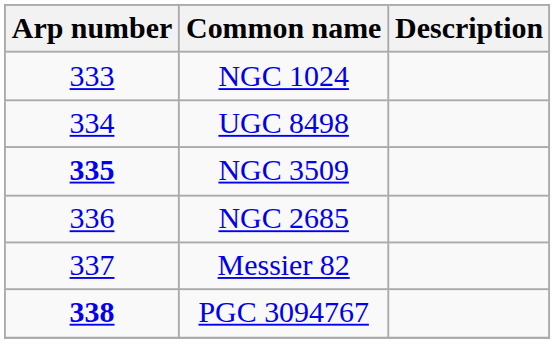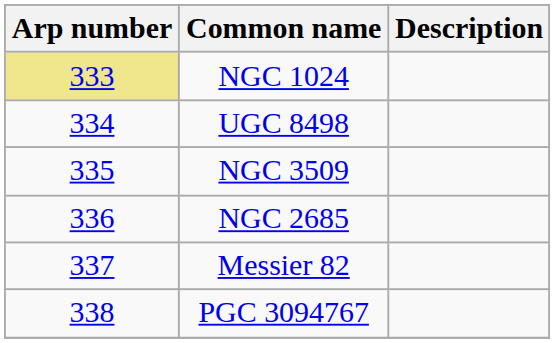 <table class="wikitable" style="text-align:center;">
 <tr>
 <th>Arp number</th>
 <th>Common name</th>
 <th>Description</th>
 </tr>
 <tr>
-<td><a href='#'>333</a></td>
+<td style="background: khaki;"><a href='#'>333</a></td>
 <td><a href='#'>NGC 1024</a></td>
 <td></td>
 </tr>
 <tr>
 <td><a href='#'>334</a></td>
 <td><a href='#'>UGC 8498</a></td>
 <td></td>
 </tr>
 <tr>
-<td><strong><a href='#'>335</a></strong></td>
+<td><a href='#'>335</a></td>
 <td><a href='#'>NGC 3509</a></td>
 <td></td>
 </tr>
 <tr>
 <td><a href='#'>336</a></td>
 <td><a href='#'>NGC 2685</a></td>
 <td></td>
 </tr>
 <tr>
 <td><a href='#'>337</a></td>
 <td><a href='#'>Messier 82</a></td>
 <td></td>
 </tr>
 <tr>
-<td><strong><a href='#'>338</a></strong></td>
+<td><a href='#'>338</a></td>
 <td><a href='#'>PGC 3094767</a></td>
 <td></td>
 </tr>
 <tr>
 </tr>
 </table>
